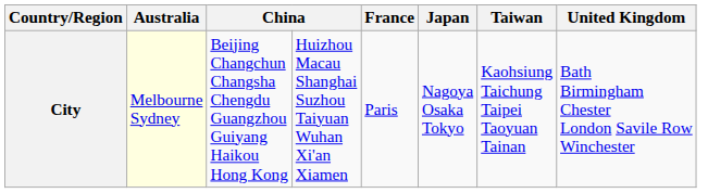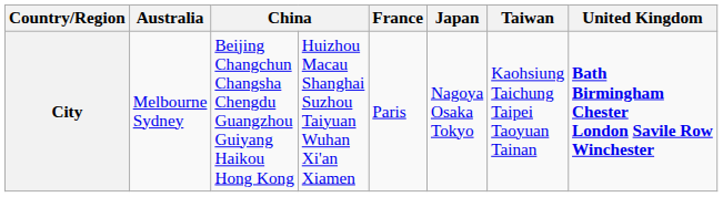 <table class="wikitable">
 <tr>
 <th>Country/Region</th>
 <th>Australia</th>
 <th colspan="2">China</th>
 <th>France</th>
 <th>Japan</th>
 <th>Taiwan</th>
 <th>United Kingdom</th>
 </tr>
 <tr>
 <th><strong>City</strong></th>
-<td style="background: lightyellow;"><a href='#'>Melbourne</a><br><a href='#'>Sydney</a></td>
+<td><a href='#'>Melbourne</a><br><a href='#'>Sydney</a></td>
 <td><a href='#'>Beijing</a><br><a href='#'>Changchun</a><br><a href='#'>Changsha</a><br><a href='#'>Chengdu</a><br><a href='#'>Guangzhou</a><br><a href='#'>Guiyang</a><br><a href='#'>Haikou</a><br><a href='#'>Hong Kong</a></td>
 <td><a href='#'>Huizhou</a><br><a href='#'>Macau</a><br><a href='#'>Shanghai</a><br><a href='#'>Suzhou</a><br><a href='#'>Taiyuan</a><br><a href='#'>Wuhan</a><br><a href='#'>Xi'an</a><br><a href='#'>Xiamen</a></td>
 <td><a href='#'>Paris</a></td>
 <td><a href='#'>Nagoya</a><br><a href='#'>Osaka</a><br><a href='#'>Tokyo</a></td>
 <td><a href='#'>Kaohsiung</a><br><a href='#'>Taichung</a><br><a href='#'>Taipei</a><br><a href='#'>Taoyuan</a><br><a href='#'>Tainan</a></td>
-<td><a href='#'>Bath</a><br><a href='#'>Birmingham</a><br><a href='#'>Chester</a><br><a href='#'>London</a> <a href='#'>Savile Row</a><br><a href='#'>Winchester</a></td>
+<td><strong><a href='#'>Bath</a><br><a href='#'>Birmingham</a><br><a href='#'>Chester</a><br><a href='#'>London</a> <a href='#'>Savile Row</a><br><a href='#'>Winchester</a></strong></td>
 </tr>
 </table>
